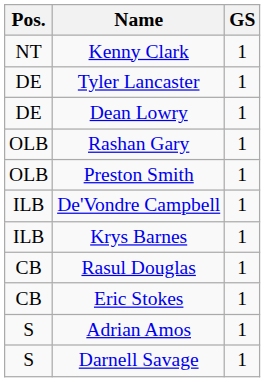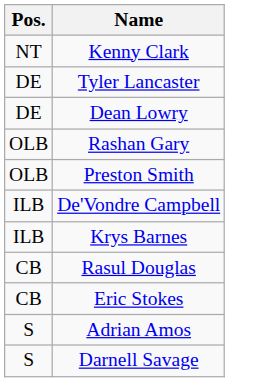 <table class="wikitable" style="text-align:center">
 <tr>
 <th>Pos.</th>
 <th>Name</th>
-<th>GS</th>
 </tr>
 <tr>
 <td>NT</td>
 <td><a href='#'>Kenny Clark</a></td>
-<td>1</td>
 </tr>
 <tr>
 <td>DE</td>
 <td><a href='#'>Tyler Lancaster</a></td>
-<td>1</td>
 </tr>
 <tr>
 <td>DE</td>
 <td><a href='#'>Dean Lowry</a></td>
-<td>1</td>
 </tr>
 <tr>
 <td>OLB</td>
 <td><a href='#'>Rashan Gary</a></td>
-<td>1</td>
 </tr>
 <tr>
 <td>OLB</td>
 <td><a href='#'>Preston Smith</a></td>
-<td>1</td>
 </tr>
 <tr>
 <td>ILB</td>
 <td><a href='#'>De'Vondre Campbell</a></td>
-<td>1</td>
 </tr>
 <tr>
 <td>ILB</td>
 <td><a href='#'>Krys Barnes</a></td>
-<td>1</td>
 </tr>
 <tr>
 <td>CB</td>
 <td><a href='#'>Rasul Douglas</a></td>
-<td>1</td>
 </tr>
 <tr>
 <td>CB</td>
 <td><a href='#'>Eric Stokes</a></td>
-<td>1</td>
 </tr>
 <tr>
 <td>S</td>
 <td><a href='#'>Adrian Amos</a></td>
-<td>1</td>
 </tr>
 <tr>
 <td>S</td>
 <td><a href='#'>Darnell Savage</a></td>
-<td>1</td>
 </tr>
 </table>
